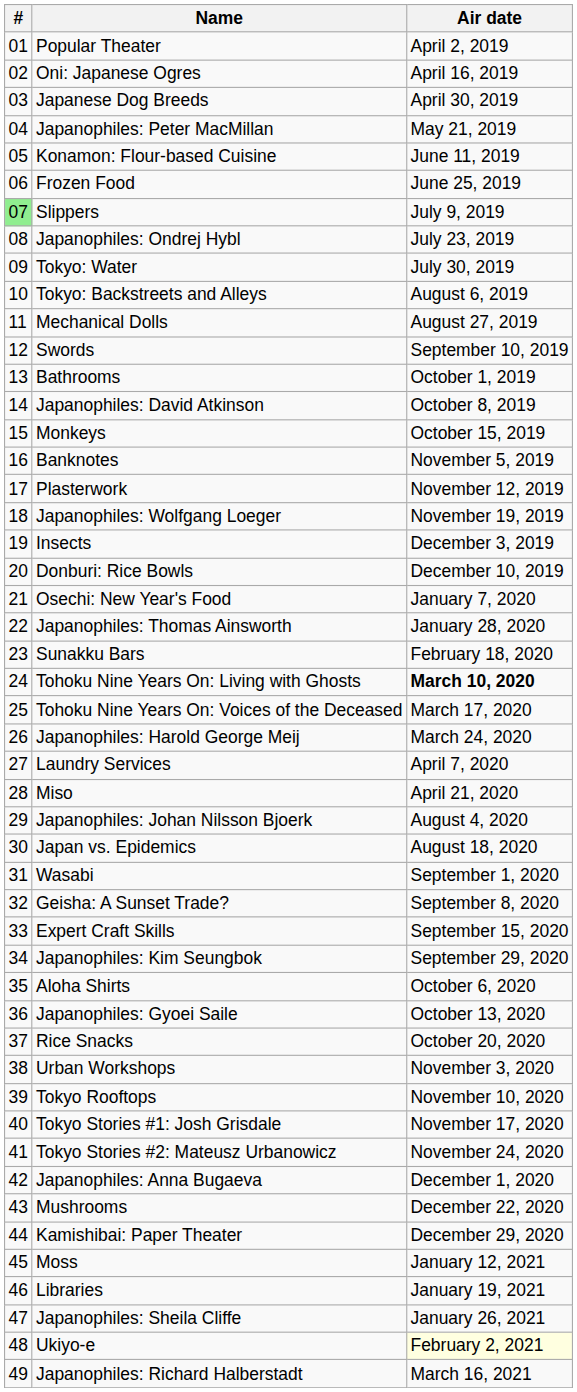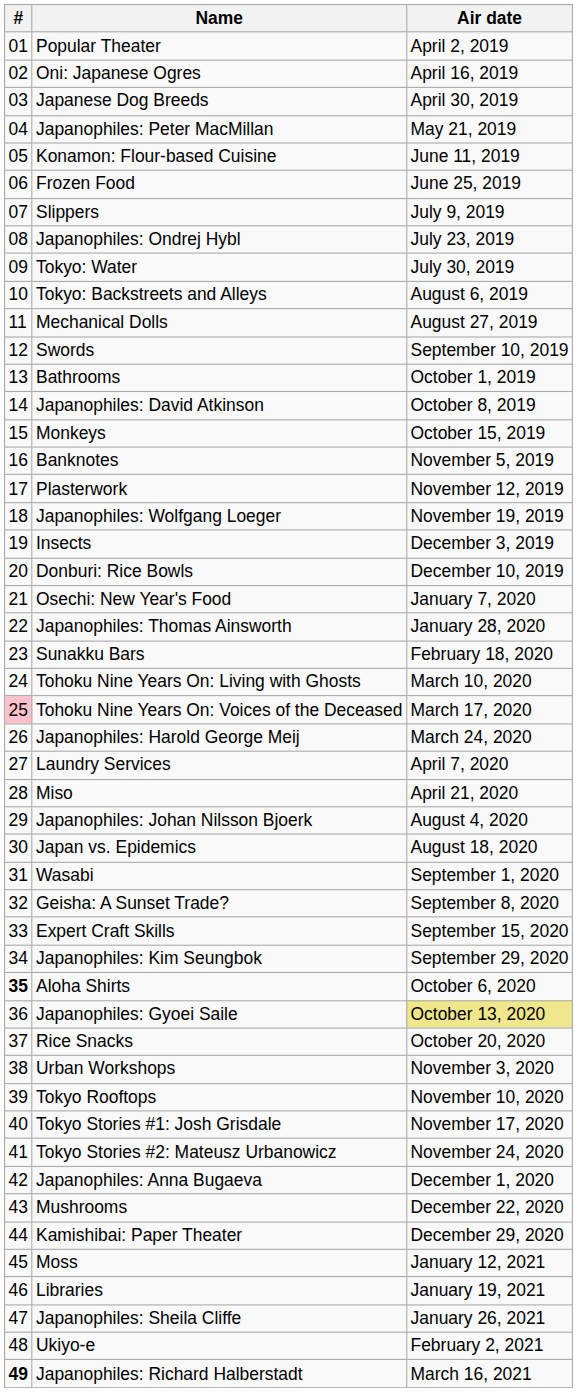 <table class="wikitable sortable">
 <tr>
 <th>#</th>
 <th>Name</th>
 <th>Air date</th>
 </tr>
 <tr>
 <td>01</td>
 <td>Popular Theater</td>
 <td>April 2, 2019</td>
 </tr>
 <tr>
 <td>02</td>
 <td>Oni: Japanese Ogres</td>
 <td>April 16, 2019</td>
 </tr>
 <tr>
 <td>03</td>
 <td>Japanese Dog Breeds</td>
 <td>April 30, 2019</td>
 </tr>
 <tr>
 <td>04</td>
 <td>Japanophiles: Peter MacMillan</td>
 <td>May 21, 2019</td>
 </tr>
 <tr>
 <td>05</td>
 <td>Konamon: Flour-based Cuisine</td>
 <td>June 11, 2019</td>
 </tr>
 <tr>
 <td>06</td>
 <td>Frozen Food</td>
 <td>June 25, 2019</td>
 </tr>
 <tr>
-<td style="background: lightgreen;">07</td>
+<td>07</td>
 <td>Slippers</td>
 <td>July 9, 2019</td>
 </tr>
 <tr>
 <td>08</td>
 <td>Japanophiles: Ondrej Hybl</td>
 <td>July 23, 2019</td>
 </tr>
 <tr>
 <td>09</td>
 <td>Tokyo: Water</td>
 <td>July 30, 2019</td>
 </tr>
 <tr>
 <td>10</td>
 <td>Tokyo: Backstreets and Alleys</td>
 <td>August 6, 2019</td>
 </tr>
 <tr>
 <td>11</td>
 <td>Mechanical Dolls</td>
 <td>August 27, 2019</td>
 </tr>
 <tr>
 <td>12</td>
 <td>Swords</td>
 <td>September 10, 2019</td>
 </tr>
 <tr>
 <td>13</td>
 <td>Bathrooms</td>
 <td>October 1, 2019</td>
 </tr>
 <tr>
 <td>14</td>
 <td>Japanophiles: David Atkinson</td>
 <td>October 8, 2019</td>
 </tr>
 <tr>
 <td>15</td>
 <td>Monkeys</td>
 <td>October 15, 2019</td>
 </tr>
 <tr>
 <td>16</td>
 <td>Banknotes</td>
 <td>November 5, 2019</td>
 </tr>
 <tr>
 <td>17</td>
 <td>Plasterwork</td>
 <td>November 12, 2019</td>
 </tr>
 <tr>
 <td>18</td>
 <td>Japanophiles: Wolfgang Loeger</td>
 <td>November 19, 2019</td>
 </tr>
 <tr>
 <td>19</td>
 <td>Insects</td>
 <td>December 3, 2019</td>
 </tr>
 <tr>
 <td>20</td>
 <td>Donburi: Rice Bowls</td>
 <td>December 10, 2019</td>
 </tr>
 <tr>
 <td>21</td>
 <td>Osechi: New Year's Food</td>
 <td>January 7, 2020</td>
 </tr>
 <tr>
 <td>22</td>
 <td>Japanophiles: Thomas Ainsworth</td>
 <td>January 28, 2020</td>
 </tr>
 <tr>
 <td>23</td>
 <td>Sunakku Bars</td>
 <td>February 18, 2020</td>
 </tr>
 <tr>
 <td>24</td>
 <td>Tohoku Nine Years On: Living with Ghosts</td>
-<td><strong>March 10, 2020</strong></td>
+<td>March 10, 2020</td>
 </tr>
 <tr>
-<td>25</td>
+<td style="background: pink;">25</td>
 <td>Tohoku Nine Years On: Voices of the Deceased</td>
 <td>March 17, 2020</td>
 </tr>
 <tr>
 <td>26</td>
 <td>Japanophiles: Harold George Meij</td>
 <td>March 24, 2020</td>
 </tr>
 <tr>
 <td>27</td>
 <td>Laundry Services</td>
 <td>April 7, 2020</td>
 </tr>
 <tr>
 <td>28</td>
 <td>Miso</td>
 <td>April 21, 2020</td>
 </tr>
 <tr>
 <td>29</td>
 <td>Japanophiles: Johan Nilsson Bjoerk</td>
 <td>August 4, 2020</td>
 </tr>
 <tr>
 <td>30</td>
 <td>Japan vs. Epidemics</td>
 <td>August 18, 2020</td>
 </tr>
 <tr>
 <td>31</td>
 <td>Wasabi</td>
 <td>September 1, 2020</td>
 </tr>
 <tr>
 <td>32</td>
 <td>Geisha: A Sunset Trade?</td>
 <td>September 8, 2020</td>
 </tr>
 <tr>
 <td>33</td>
 <td>Expert Craft Skills</td>
 <td>September 15, 2020</td>
 </tr>
 <tr>
 <td>34</td>
 <td>Japanophiles: Kim Seungbok</td>
 <td>September 29, 2020</td>
 </tr>
 <tr>
-<td>35</td>
+<td><strong>35</strong></td>
 <td>Aloha Shirts</td>
 <td>October 6, 2020</td>
 </tr>
 <tr>
 <td>36</td>
 <td>Japanophiles: Gyoei Saile</td>
-<td>October 13, 2020</td>
+<td style="background: khaki;">October 13, 2020</td>
 </tr>
 <tr>
 <td>37</td>
 <td>Rice Snacks</td>
 <td>October 20, 2020</td>
 </tr>
 <tr>
 <td>38</td>
 <td>Urban Workshops</td>
 <td>November 3, 2020</td>
 </tr>
 <tr>
 <td>39</td>
 <td>Tokyo Rooftops</td>
 <td>November 10, 2020</td>
 </tr>
 <tr>
 <td>40</td>
 <td>Tokyo Stories #1: Josh Grisdale</td>
 <td>November 17, 2020</td>
 </tr>
 <tr>
 <td>41</td>
 <td>Tokyo Stories #2: Mateusz Urbanowicz</td>
 <td>November 24, 2020</td>
 </tr>
 <tr>
 <td>42</td>
 <td>Japanophiles: Anna Bugaeva</td>
 <td>December 1, 2020</td>
 </tr>
 <tr>
 <td>43</td>
 <td>Mushrooms</td>
 <td>December 22, 2020</td>
 </tr>
 <tr>
 <td>44</td>
 <td>Kamishibai: Paper Theater</td>
 <td>December 29, 2020</td>
 </tr>
 <tr>
 <td>45</td>
 <td>Moss</td>
 <td>January 12, 2021</td>
 </tr>
 <tr>
 <td>46</td>
 <td>Libraries</td>
 <td>January 19, 2021</td>
 </tr>
 <tr>
 <td>47</td>
 <td>Japanophiles: Sheila Cliffe</td>
 <td>January 26, 2021</td>
 </tr>
 <tr>
 <td>48</td>
 <td>Ukiyo-e</td>
-<td style="background: lightyellow;">February 2, 2021</td>
+<td>February 2, 2021</td>
 </tr>
 <tr>
-<td>49</td>
+<td><strong>49</strong></td>
 <td>Japanophiles: Richard Halberstadt</td>
 <td>March 16, 2021</td>
 </tr>
 </table>
